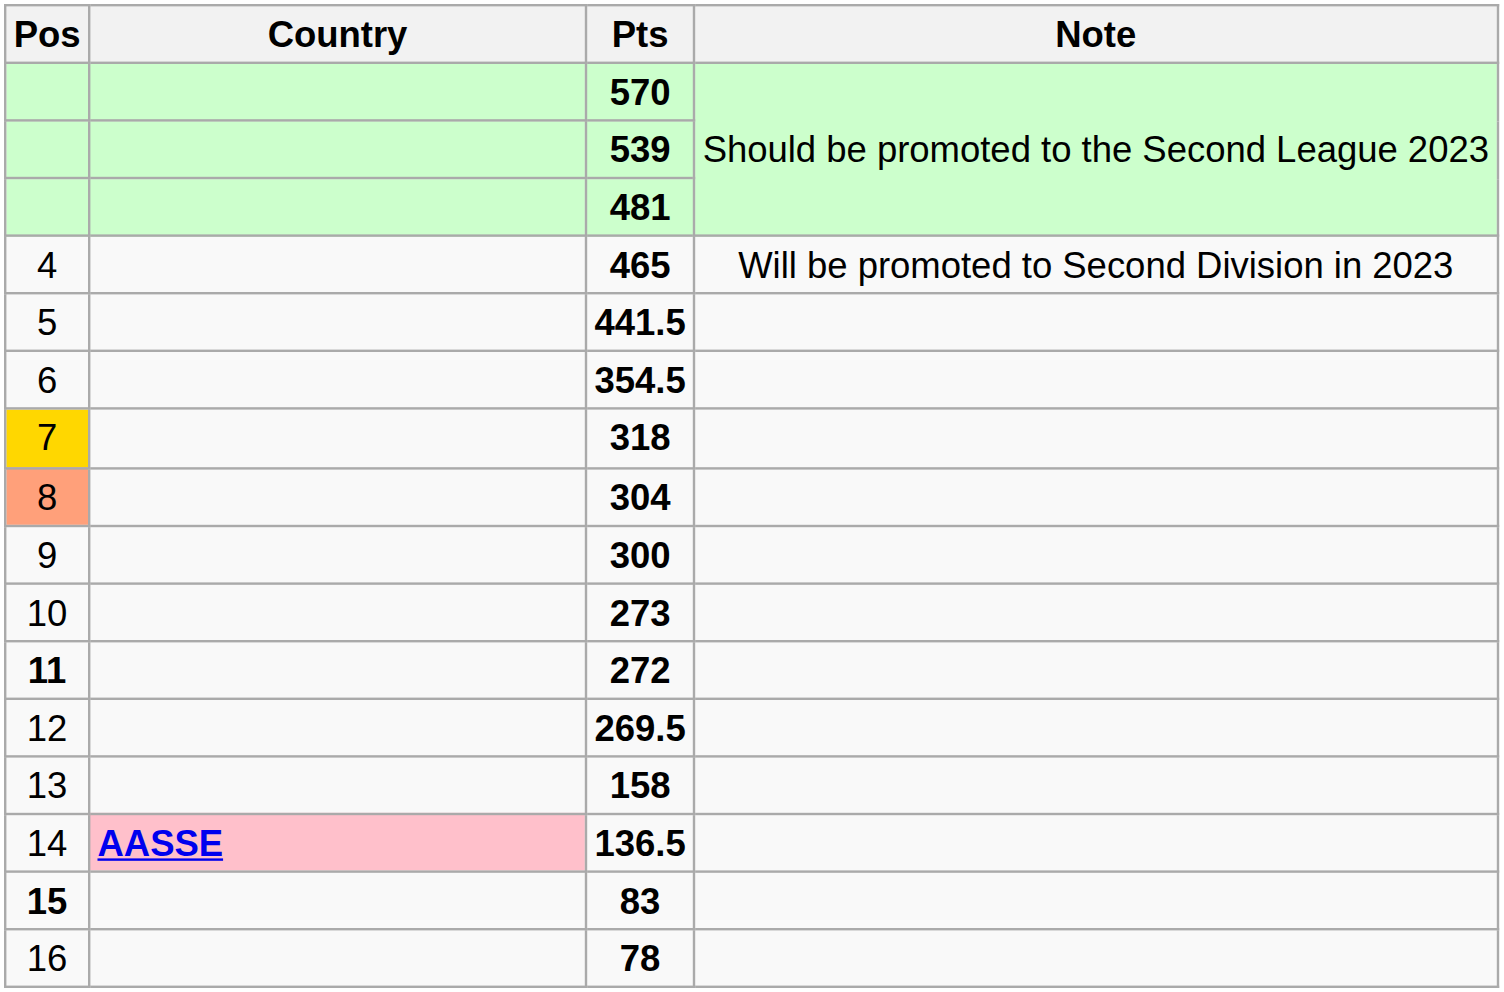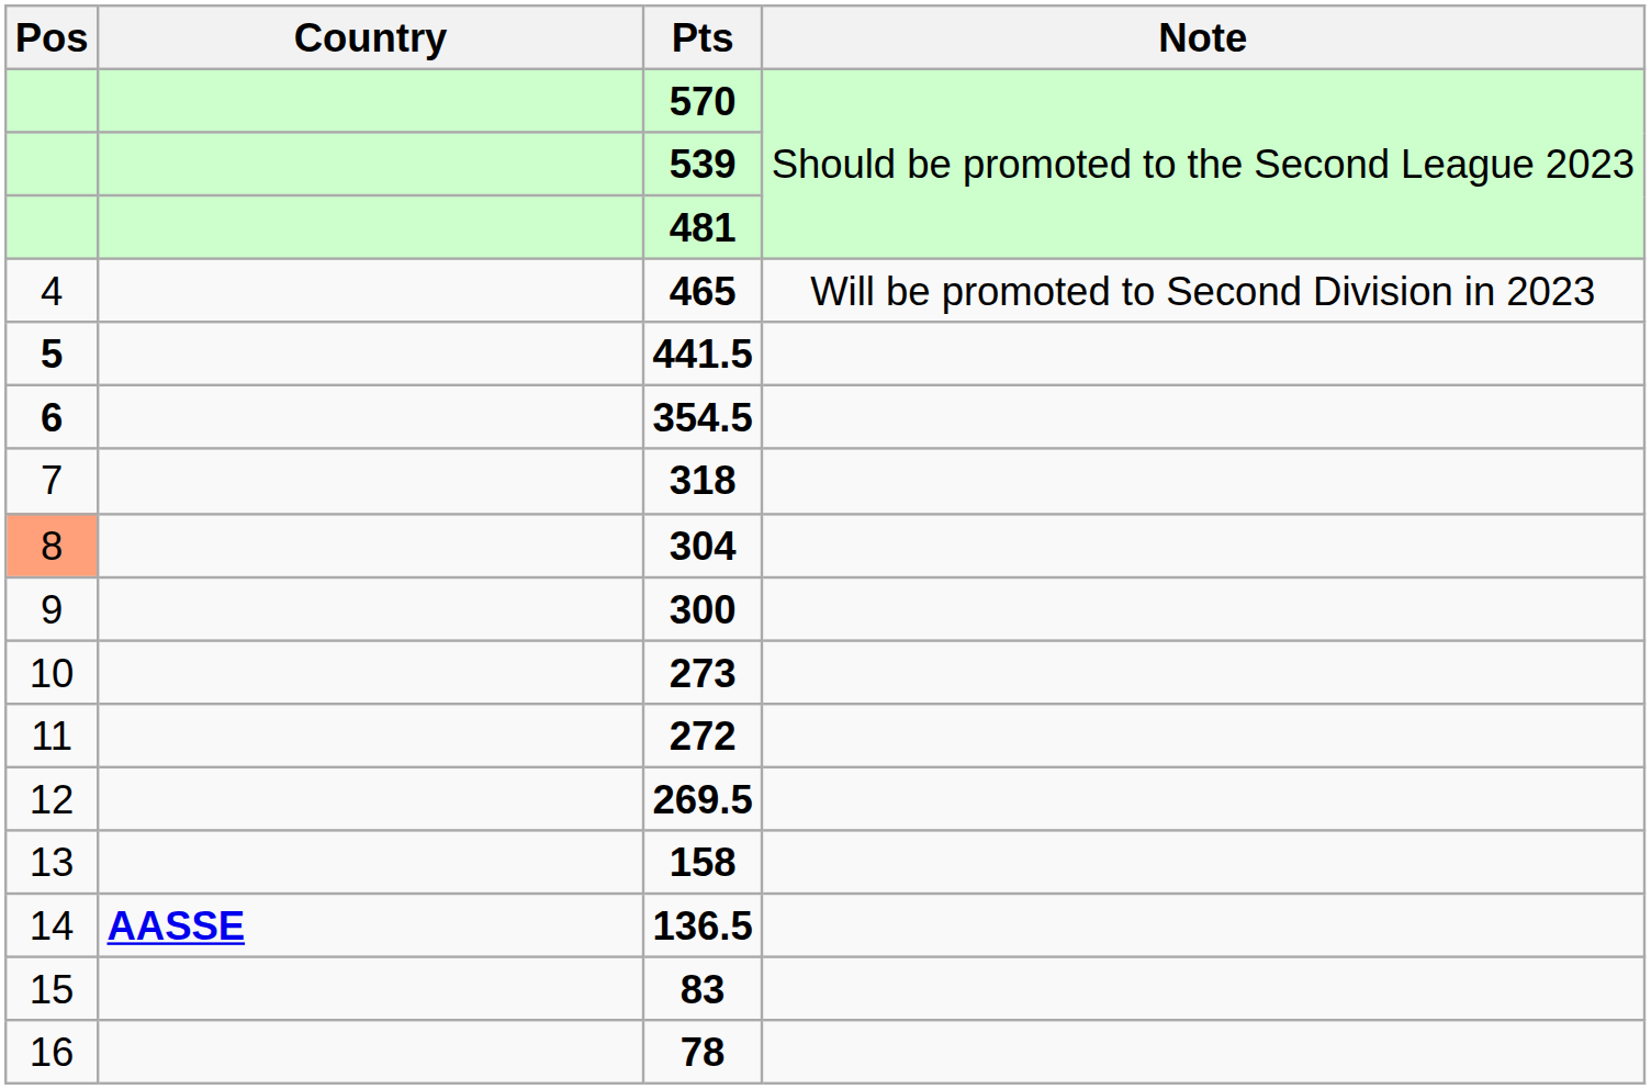 <table class="wikitable" style="text-align: center; font-size:95%">
 <tr>
 <th width="25">Pos</th>
 <th width="200">Country</th>
 <th width="25">Pts</th>
 <th>Note</th>
 </tr>
 <tr bgcolor=ccffcc>
 <td></td>
 <td align="left"><strong></strong></td>
 <td><strong>570</strong></td>
 <td rowspan=3>Should be promoted to the Second League 2023</td>
 </tr>
 <tr bgcolor=ccffcc>
 <td></td>
 <td align="left"><strong></strong></td>
 <td><strong>539</strong></td>
 </tr>
 <tr bgcolor=ccffcc>
 <td></td>
 <td align="left"><strong></strong></td>
 <td><strong>481</strong></td>
 </tr>
 <tr>
 <td>4</td>
 <td align="left"><strong></strong></td>
 <td><strong>465</strong></td>
 <td>Will be promoted to Second Division in 2023</td>
 </tr>
 <tr>
-<td>5</td>
+<td><strong>5</strong></td>
 <td align="left"><strong></strong></td>
 <td><strong>441.5</strong></td>
 <td></td>
 </tr>
 <tr>
-<td>6</td>
+<td><strong>6</strong></td>
 <td align="left"><strong></strong></td>
 <td><strong>354.5</strong></td>
 <td></td>
 </tr>
 <tr>
-<td style="background: gold;">7</td>
+<td>7</td>
 <td align="left"><strong></strong></td>
 <td><strong>318</strong></td>
 <td></td>
 </tr>
 <tr>
 <td style="background: lightsalmon;">8</td>
 <td align="left"><strong></strong></td>
 <td><strong>304</strong></td>
 <td></td>
 </tr>
 <tr>
 <td>9</td>
 <td align="left"><strong></strong></td>
 <td><strong>300</strong></td>
 <td></td>
 </tr>
 <tr>
 <td>10</td>
 <td align="left"><strong></strong></td>
 <td><strong>273</strong></td>
 <td></td>
 </tr>
 <tr>
-<td><strong>11</strong></td>
+<td>11</td>
 <td align="left"><strong></strong></td>
 <td><strong>272</strong></td>
 <td></td>
 </tr>
 <tr>
 <td>12</td>
 <td align="left"><strong></strong></td>
 <td><strong>269.5</strong></td>
 <td></td>
 </tr>
 <tr>
 <td>13</td>
 <td align="left"><strong></strong></td>
 <td><strong>158</strong></td>
 <td></td>
 </tr>
 <tr>
 <td>14</td>
-<td align="left" style="background: pink;"><strong> <a href='#'>AASSE</a> </strong></td>
+<td align="left"><strong> <a href='#'>AASSE</a> </strong></td>
 <td><strong>136.5</strong></td>
 <td></td>
 </tr>
 <tr>
-<td><strong>15</strong></td>
+<td>15</td>
 <td align="left"><strong></strong></td>
 <td><strong>83</strong></td>
 <td></td>
 </tr>
 <tr>
 <td>16</td>
 <td align="left"><strong></strong></td>
 <td><strong>78</strong></td>
 <td></td>
 </tr>
 </table>
